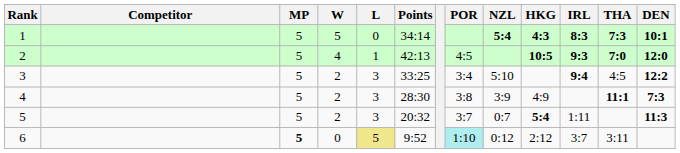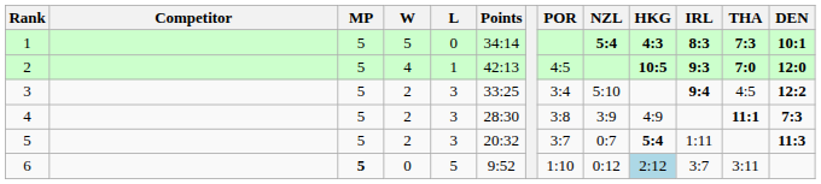 <table class="wikitable" style="text-align:center">
 <tr>
 <th>Rank</th>
 <th style="width:18em">Competitor</th>
 <th style="width:2.5em">MP</th>
 <th style="width:2.5em">W</th>
 <th style="width:2.5em">L</th>
 <th>Points</th>
 <th rowspan="7"> </th>
 <th style="width:2.5em">POR</th>
 <th style="width:2.5em">NZL</th>
 <th style="width:2.5em">HKG</th>
 <th style="width:2.5em">IRL</th>
 <th style="width:2.5em">THA</th>
 <th style="width:2.5em">DEN</th>
 </tr>
 <tr style="background:#cfc;">
 <td>1</td>
 <td style="text-align:left"></td>
 <td>5</td>
 <td>5</td>
 <td>0</td>
 <td>34:14</td>
 <td></td>
 <td><strong>5:4</strong></td>
 <td><strong>4:3</strong></td>
 <td><strong>8:3</strong></td>
 <td><strong>7:3</strong></td>
 <td><strong>10:1</strong></td>
 </tr>
 <tr style="background:#cfc;">
 <td>2</td>
 <td style="text-align:left"></td>
 <td>5</td>
 <td>4</td>
 <td>1</td>
 <td>42:13</td>
 <td>4:5</td>
 <td></td>
 <td><strong>10:5</strong></td>
 <td><strong>9:3</strong></td>
 <td><strong>7:0</strong></td>
 <td><strong>12:0</strong></td>
 </tr>
 <tr>
 <td>3</td>
 <td style="text-align:left"></td>
 <td>5</td>
 <td>2</td>
 <td>3</td>
 <td>33:25</td>
 <td>3:4</td>
 <td>5:10</td>
 <td></td>
 <td><strong>9:4</strong></td>
 <td>4:5</td>
 <td><strong>12:2</strong></td>
 </tr>
 <tr>
 <td>4</td>
 <td style="text-align:left"></td>
 <td>5</td>
 <td>2</td>
 <td>3</td>
 <td>28:30</td>
 <td>3:8</td>
 <td>3:9</td>
 <td>4:9</td>
 <td></td>
 <td><strong>11:1</strong></td>
 <td><strong>7:3</strong></td>
 </tr>
 <tr>
 <td>5</td>
 <td style="text-align:left"></td>
 <td>5</td>
 <td>2</td>
 <td>3</td>
 <td>20:32</td>
 <td>3:7</td>
 <td>0:7</td>
 <td><strong>5:4</strong></td>
 <td>1:11</td>
 <td></td>
 <td><strong>11:3</strong></td>
 </tr>
 <tr>
 <td>6</td>
 <td style="text-align:left"></td>
 <td><strong>5</strong></td>
 <td>0</td>
-<td style="background: khaki;">5</td>
+<td>5</td>
 <td>9:52</td>
-<td style="background: paleturquoise;">1:10</td>
+<td>1:10</td>
 <td>0:12</td>
-<td>2:12</td>
+<td style="background: lightblue;">2:12</td>
 <td>3:7</td>
 <td>3:11</td>
 <td></td>
 </tr>
 </table>
